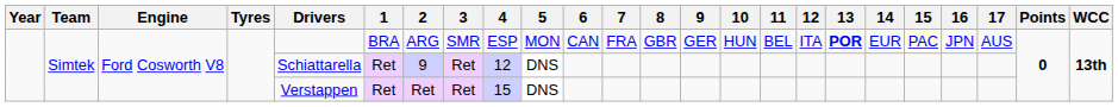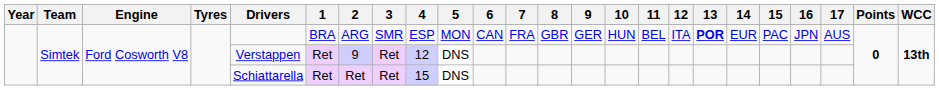 <table class="wikitable" style="text-align:center; font-size:95%">
 <tr>
 <th>Year</th>
 <th>Team</th>
 <th>Engine</th>
 <th>Tyres</th>
 <th>Drivers</th>
 <th>1</th>
 <th>2</th>
 <th>3</th>
 <th>4</th>
 <th>5</th>
 <th>6</th>
 <th>7</th>
 <th>8</th>
 <th>9</th>
 <th>10</th>
 <th>11</th>
 <th>12</th>
 <th>13</th>
 <th>14</th>
 <th>15</th>
 <th>16</th>
 <th>17</th>
 <th>Points</th>
 <th>WCC</th>
 </tr>
 <tr>
 <td rowspan="3"></td>
 <td rowspan="3"><a href='#'>Simtek</a></td>
 <td rowspan="3"><a href='#'>Ford</a> <a href='#'>Cosworth</a> <a href='#'>V8</a></td>
 <td rowspan="3"></td>
 <td></td>
 <td><a href='#'>BRA</a></td>
 <td><a href='#'>ARG</a></td>
 <td><a href='#'>SMR</a></td>
 <td><a href='#'>ESP</a></td>
 <td><a href='#'>MON</a></td>
 <td><a href='#'>CAN</a></td>
 <td><a href='#'>FRA</a></td>
 <td><a href='#'>GBR</a></td>
 <td><a href='#'>GER</a></td>
 <td><a href='#'>HUN</a></td>
 <td><a href='#'>BEL</a></td>
 <td><a href='#'>ITA</a></td>
 <td><strong><a href='#'>POR</a></strong></td>
 <td><a href='#'>EUR</a></td>
-<td style="background: lightyellow;"><a href='#'>PAC</a></td>
+<td><a href='#'>PAC</a></td>
 <td><a href='#'>JPN</a></td>
 <td><a href='#'>AUS</a></td>
 <td rowspan="3"><strong>0</strong></td>
 <td rowspan="3"><strong>13th</strong></td>
 </tr>
 <tr>
-<td><a href='#'>Schiattarella</a></td>
+<td><a href='#'>Verstappen</a></td>
 <td style="background:#EFCFFF;">Ret</td>
 <td style="background:#CFCFFF;">9</td>
 <td style="background:#EFCFFF;">Ret</td>
 <td style="background:#CFCFFF;">12</td>
 <td style="background:#FFFFFF;">DNS</td>
 <td></td>
 <td></td>
 <td></td>
 <td></td>
 <td></td>
 <td></td>
 <td></td>
 <td></td>
 <td></td>
 <td></td>
 <td></td>
 <td></td>
 </tr>
 <tr>
-<td><a href='#'>Verstappen</a></td>
+<td><a href='#'>Schiattarella</a></td>
 <td style="background:#EFCFFF;">Ret</td>
 <td style="background:#EFCFFF;">Ret</td>
 <td style="background:#EFCFFF;">Ret</td>
 <td style="background:#CFCFFF;">15</td>
 <td style="background:#FFFFFF;">DNS</td>
 <td></td>
 <td></td>
 <td></td>
 <td></td>
 <td></td>
 <td></td>
 <td></td>
 <td></td>
 <td></td>
 <td></td>
 <td></td>
 <td></td>
 </tr>
 </table>
